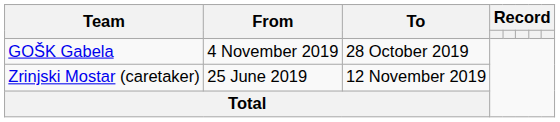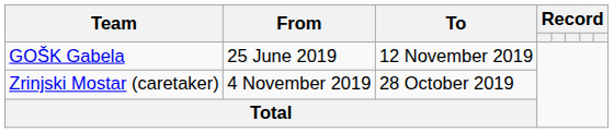 <table class=wikitable style="text-align: center">
 <tr>
 <th rowspan=2>Team</th>
 <th rowspan=2>From</th>
 <th rowspan=2>To</th>
 <th colspan=5>Record</th>
 </tr>
 <tr>
 <th></th>
 <th></th>
 <th></th>
 <th></th>
 <th></th>
 </tr>
 <tr>
 <td align=left><a href='#'>GOŠK Gabela</a></td>
-<td align=left>4 November 2019</td>
-<td align=left>28 October 2019<br></td>
+<td align=left>25 June 2019</td>
+<td align=left>12 November 2019<br></td>
 </tr>
 <tr>
 <td align=left><a href='#'>Zrinjski Mostar</a> (caretaker)</td>
-<td align=left>25 June 2019</td>
-<td align=left>12 November 2019<br></td>
+<td align=left>4 November 2019</td>
+<td align=left>28 October 2019<br></td>
 </tr>
 <tr>
 <th colspan=3>Total<br></th>
 </tr>
 </table>
